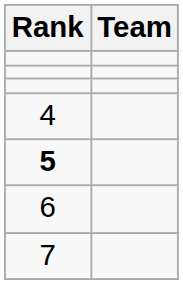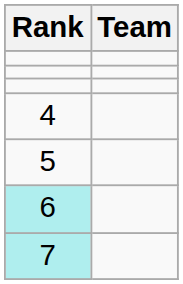 <table class="wikitable" style="text-align: center">
 <tr>
 <th>Rank</th>
 <th>Team</th>
 </tr>
 <tr>
 <td></td>
 <td align=left></td>
 </tr>
 <tr>
 <td></td>
 <td align=left></td>
 </tr>
 <tr>
 <td></td>
 <td align=left></td>
 </tr>
 <tr>
 <td>4</td>
 <td align=left></td>
 </tr>
 <tr>
-<td><strong>5</strong></td>
+<td>5</td>
 <td align=left></td>
 </tr>
 <tr>
-<td>6</td>
+<td style="background: paleturquoise;">6</td>
 <td align=left></td>
 </tr>
 <tr>
-<td>7</td>
+<td style="background: paleturquoise;">7</td>
 <td align=left></td>
 </tr>
 </table>
